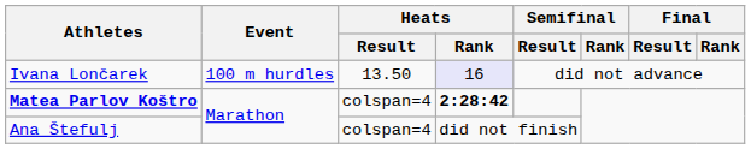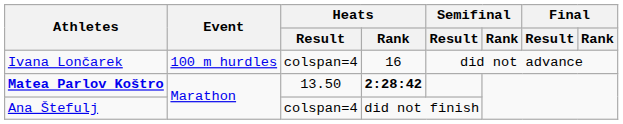 <table class="wikitable" border="1" style="font-size:90%">
 <tr>
 <th rowspan="2">Athletes</th>
 <th rowspan="2">Event</th>
 <th colspan="2">Heats</th>
 <th colspan="2">Semifinal</th>
 <th colspan="2">Final</th>
 </tr>
 <tr>
 <th>Result</th>
 <th>Rank</th>
 <th>Result</th>
 <th>Rank</th>
 <th>Result</th>
 <th>Rank</th>
 </tr>
 <tr>
 <td><a href='#'>Ivana Lončarek</a></td>
 <td><a href='#'>100 m hurdles</a></td>
-<td align=center>13.50</td>
-<td align=center style="background: lavender;">16</td>
+<td>colspan=4</td>
+<td align=center>16</td>
 <td align=center colspan=4>did not advance</td>
 </tr>
 <tr>
 <td><strong><a href='#'>Matea Parlov Koštro</a></strong></td>
 <td rowspan=2><a href='#'>Marathon</a></td>
-<td>colspan=4</td>
+<td align=center>13.50</td>
 <td align=center><strong>2:28:42</strong></td>
 <td align=center></td>
 </tr>
 <tr>
 <td><a href='#'>Ana Štefulj</a></td>
 <td>colspan=4</td>
 <td align=center colspan=2>did not finish</td>
 </tr>
 </table>
